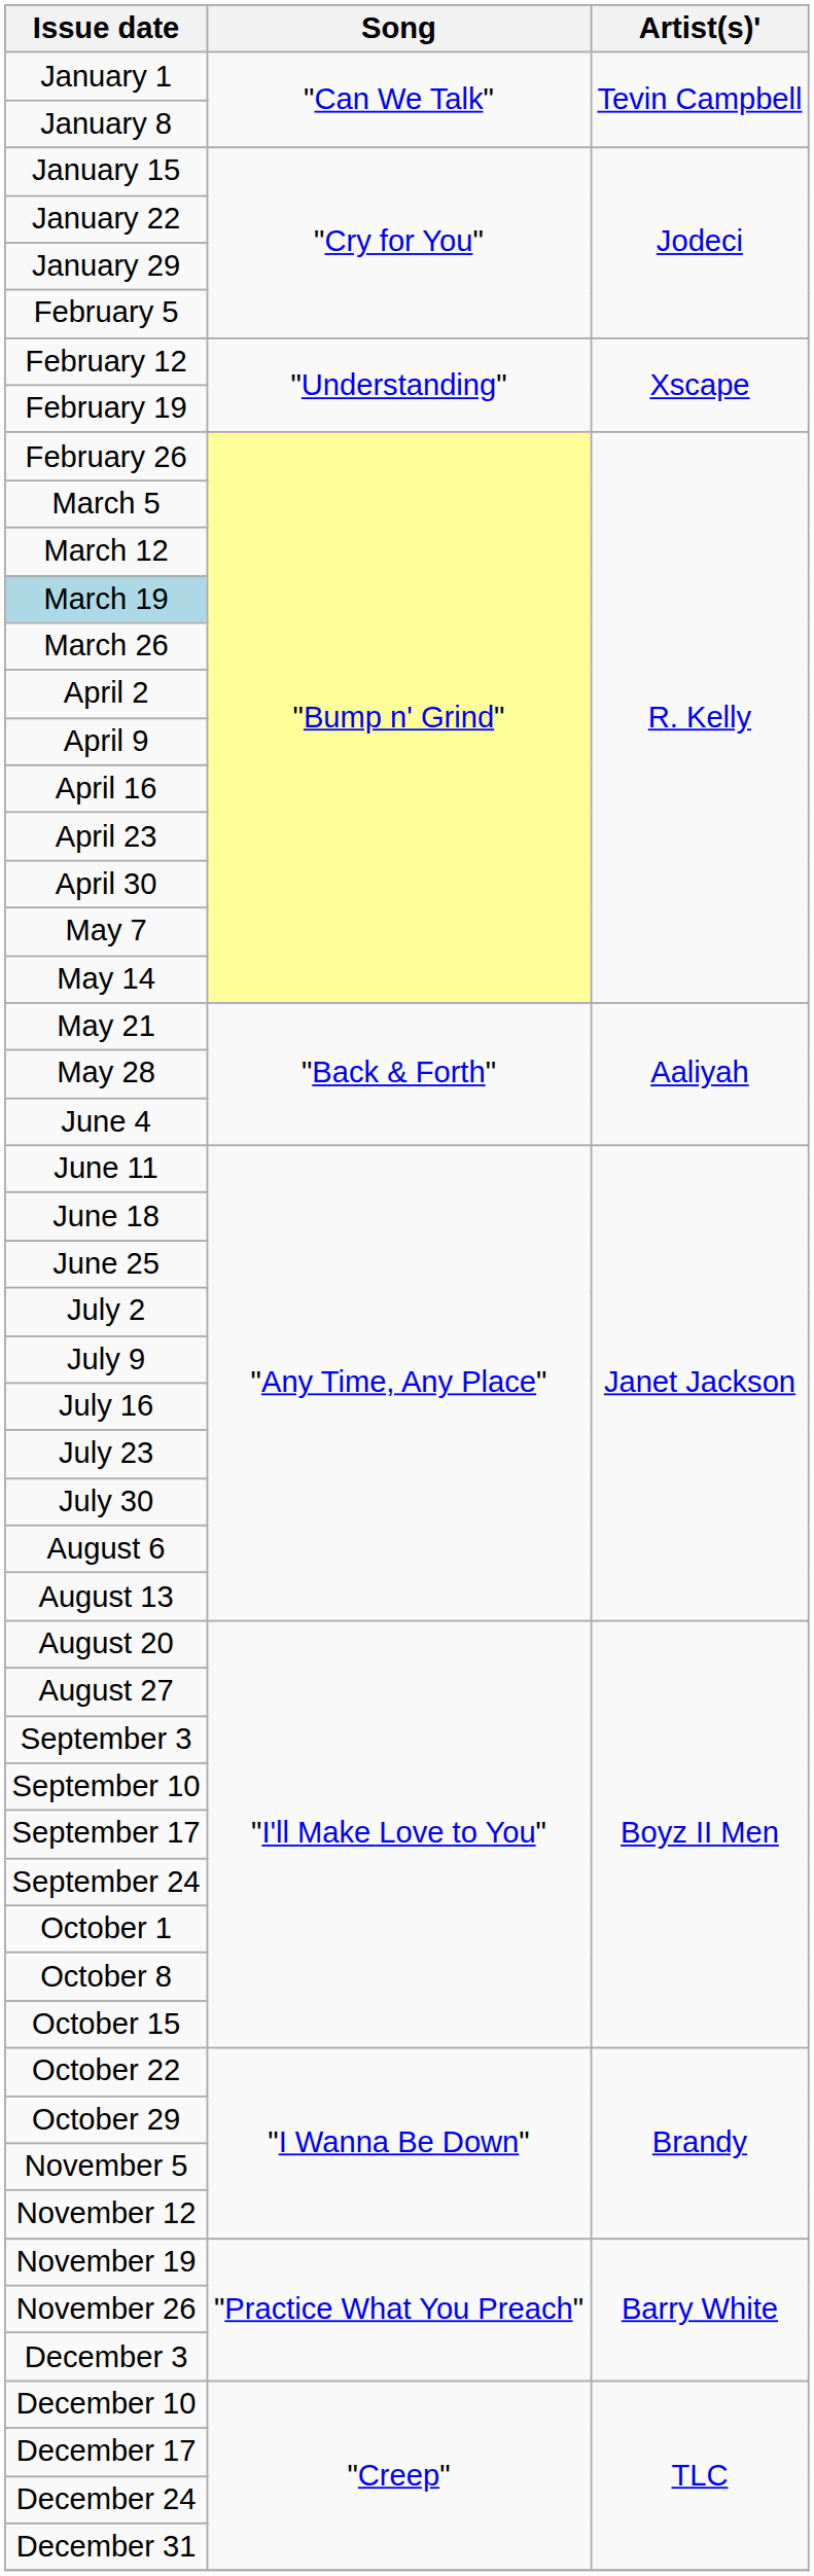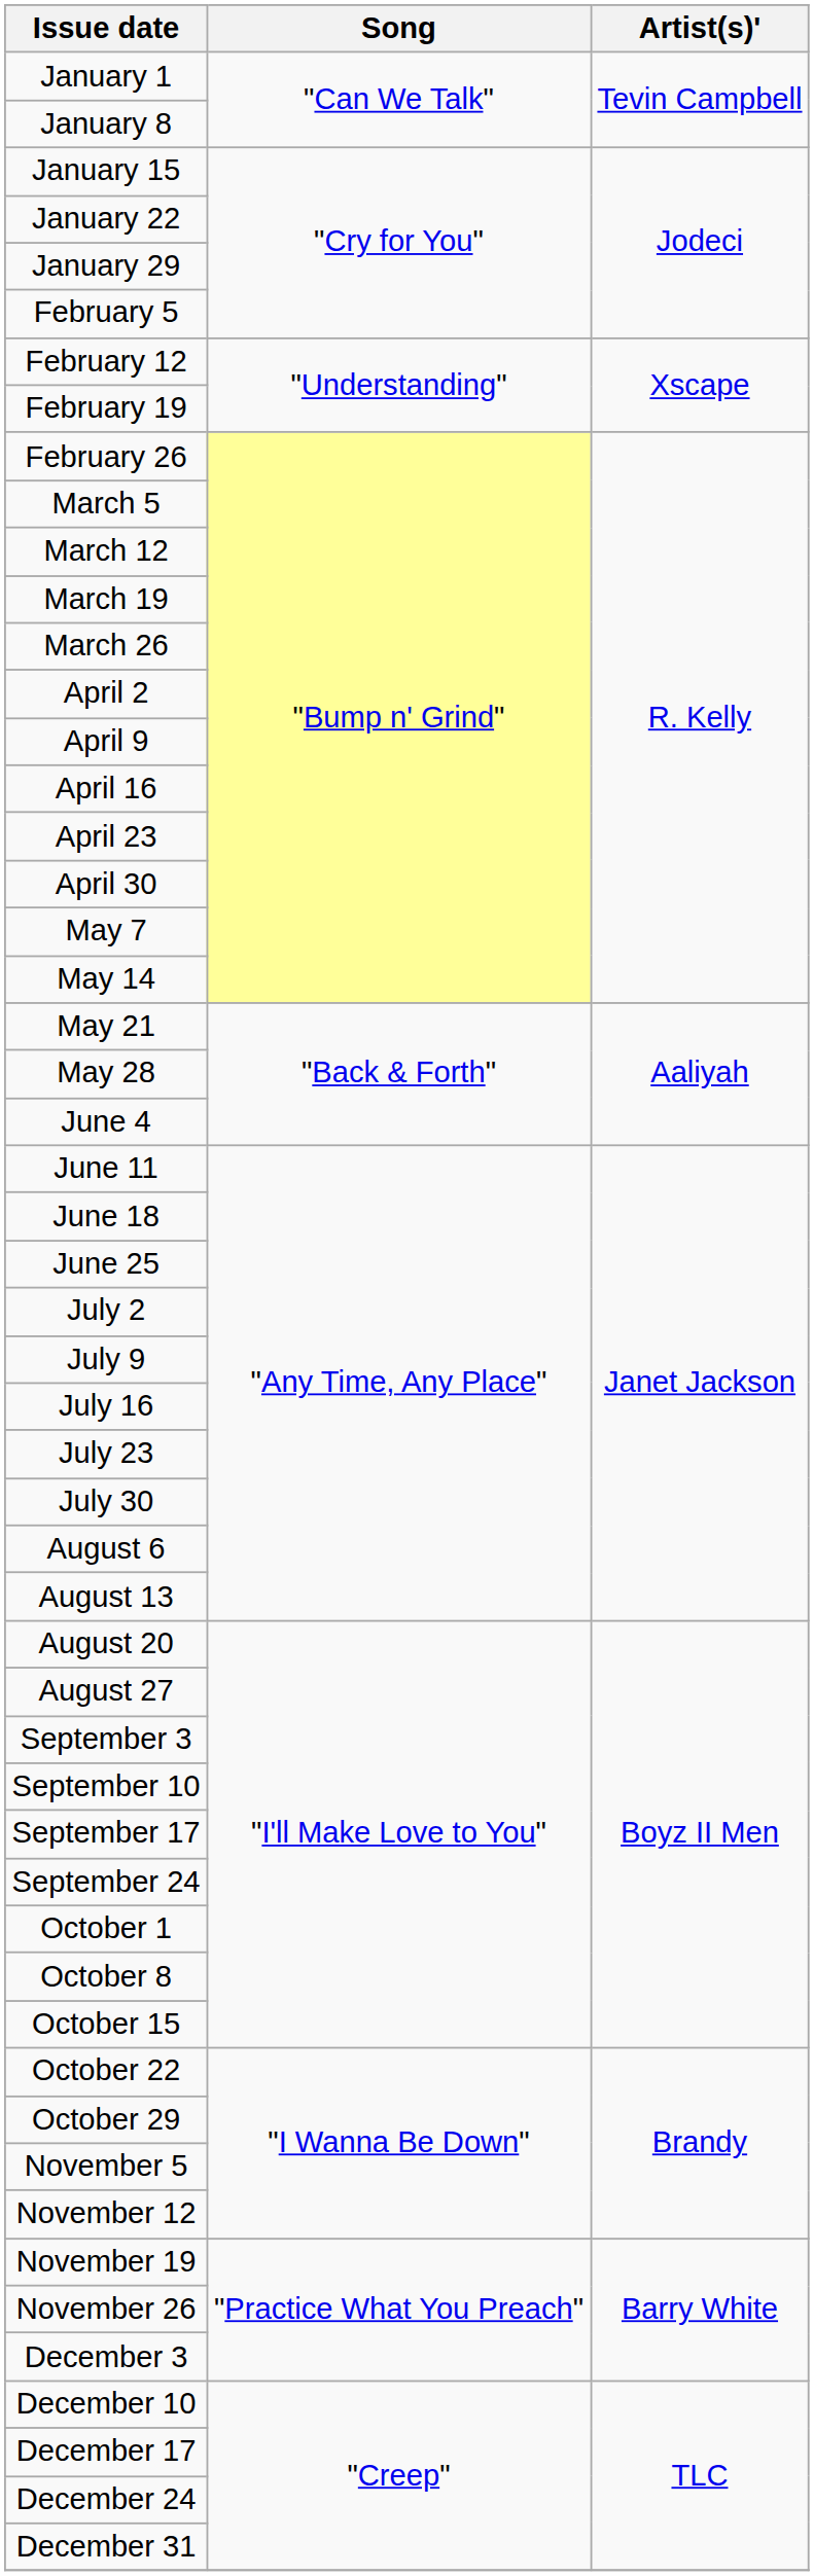 <table class="wikitable plainheaders" style="text-align: center;">
 <tr>
 <th>Issue date</th>
 <th>Song</th>
 <th>Artist(s)'</th>
 </tr>
 <tr>
 <td>January 1</td>
 <td rowspan="2">"<a href='#'>Can We Talk</a>"</td>
 <td rowspan="2"><a href='#'>Tevin Campbell</a></td>
 </tr>
 <tr>
 <td>January 8</td>
 </tr>
 <tr>
 <td>January 15</td>
 <td rowspan="4">"<a href='#'>Cry for You</a>"</td>
 <td rowspan="4"><a href='#'>Jodeci</a></td>
 </tr>
 <tr>
 <td>January 22</td>
 </tr>
 <tr>
 <td>January 29</td>
 </tr>
 <tr>
 <td>February 5</td>
 </tr>
 <tr>
 <td>February 12</td>
 <td rowspan="2">"<a href='#'>Understanding</a>"</td>
 <td rowspan="2"><a href='#'>Xscape</a></td>
 </tr>
 <tr>
 <td>February 19</td>
 </tr>
 <tr>
 <td>February 26</td>
 <td bgcolor=#FFFF99 rowspan="12">"<a href='#'>Bump n' Grind</a>" </td>
 <td rowspan="12"><a href='#'>R. Kelly</a></td>
 </tr>
 <tr>
 <td>March 5</td>
 </tr>
 <tr>
 <td>March 12</td>
 </tr>
 <tr>
-<td style="background: lightblue;">March 19</td>
+<td>March 19</td>
 </tr>
 <tr>
 <td>March 26</td>
 </tr>
 <tr>
 <td>April 2</td>
 </tr>
 <tr>
 <td>April 9</td>
 </tr>
 <tr>
 <td>April 16</td>
 </tr>
 <tr>
 <td>April 23</td>
 </tr>
 <tr>
 <td>April 30</td>
 </tr>
 <tr>
 <td>May 7</td>
 </tr>
 <tr>
 <td>May 14</td>
 </tr>
 <tr>
 <td>May 21</td>
 <td rowspan="3">"<a href='#'>Back & Forth</a>"</td>
 <td rowspan="3"><a href='#'>Aaliyah</a></td>
 </tr>
 <tr>
 <td>May 28</td>
 </tr>
 <tr>
 <td>June 4</td>
 </tr>
 <tr>
 <td>June 11</td>
 <td rowspan="10">"<a href='#'>Any Time, Any Place</a>"</td>
 <td rowspan="10"><a href='#'>Janet Jackson</a></td>
 </tr>
 <tr>
 <td>June 18</td>
 </tr>
 <tr>
 <td>June 25</td>
 </tr>
 <tr>
 <td>July 2</td>
 </tr>
 <tr>
 <td>July 9</td>
 </tr>
 <tr>
 <td>July 16</td>
 </tr>
 <tr>
 <td>July 23</td>
 </tr>
 <tr>
 <td>July 30</td>
 </tr>
 <tr>
 <td>August 6</td>
 </tr>
 <tr>
 <td>August 13</td>
 </tr>
 <tr>
 <td>August 20</td>
 <td rowspan="9">"<a href='#'>I'll Make Love to You</a>"</td>
 <td rowspan="9"><a href='#'>Boyz II Men</a></td>
 </tr>
 <tr>
 <td>August 27</td>
 </tr>
 <tr>
 <td>September 3</td>
 </tr>
 <tr>
 <td>September 10</td>
 </tr>
 <tr>
 <td>September 17</td>
 </tr>
 <tr>
 <td>September 24</td>
 </tr>
 <tr>
 <td>October 1</td>
 </tr>
 <tr>
 <td>October 8</td>
 </tr>
 <tr>
 <td>October 15</td>
 </tr>
 <tr>
 <td>October 22</td>
 <td rowspan="4">"<a href='#'>I Wanna Be Down</a>"</td>
 <td rowspan="4"><a href='#'>Brandy</a></td>
 </tr>
 <tr>
 <td>October 29</td>
 </tr>
 <tr>
 <td>November 5</td>
 </tr>
 <tr>
 <td>November 12</td>
 </tr>
 <tr>
 <td>November 19</td>
 <td rowspan="3">"<a href='#'>Practice What You Preach</a>"</td>
 <td rowspan="3"><a href='#'>Barry White</a></td>
 </tr>
 <tr>
 <td>November 26</td>
 </tr>
 <tr>
 <td>December 3</td>
 </tr>
 <tr>
 <td>December 10</td>
 <td rowspan="4">"<a href='#'>Creep</a>"</td>
 <td rowspan="4"><a href='#'>TLC</a></td>
 </tr>
 <tr>
 <td>December 17</td>
 </tr>
 <tr>
 <td>December 24</td>
 </tr>
 <tr>
 <td>December 31</td>
 </tr>
 <tr>
 </tr>
 </table>
